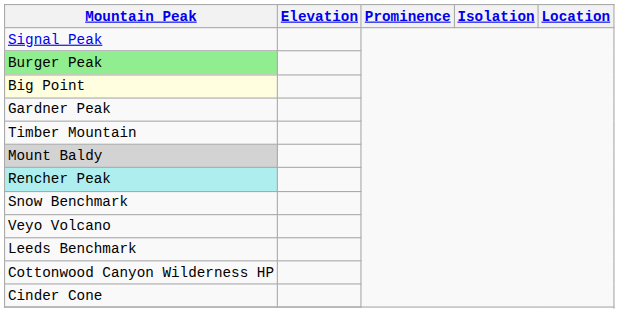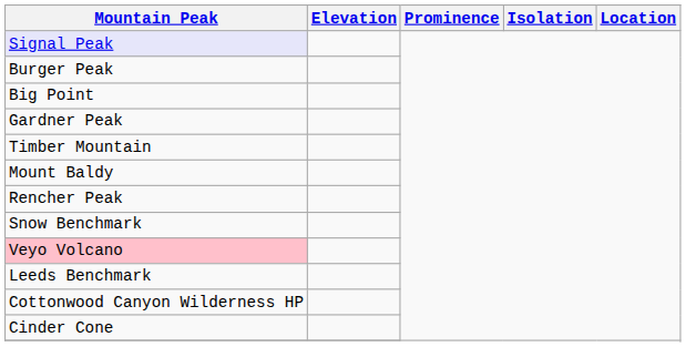 <table class="wikitable sortable">
 <tr>
 <th><a href='#'>Mountain Peak</a></th>
 <th><a href='#'>Elevation</a></th>
 <th><a href='#'>Prominence</a></th>
 <th><a href='#'>Isolation</a></th>
 <th><a href='#'>Location</a></th>
 </tr>
 <tr>
-<td><a href='#'>Signal Peak</a><br></td>
+<td style="background: lavender;"><a href='#'>Signal Peak</a><br></td>
 <td></td>
 </tr>
 <tr>
-<td style="background: lightgreen;">Burger Peak<br></td>
+<td>Burger Peak<br></td>
 <td></td>
 </tr>
 <tr>
-<td style="background: lightyellow;">Big Point<br></td>
+<td>Big Point<br></td>
 <td></td>
 </tr>
 <tr>
 <td>Gardner Peak<br></td>
 <td></td>
 </tr>
 <tr>
 <td>Timber Mountain<br></td>
 <td></td>
 </tr>
 <tr>
-<td style="background: lightgrey;">Mount Baldy<br></td>
+<td>Mount Baldy<br></td>
 <td></td>
 </tr>
 <tr>
-<td style="background: paleturquoise;">Rencher Peak<br></td>
+<td>Rencher Peak<br></td>
 <td></td>
 </tr>
 <tr>
 <td>Snow Benchmark<br></td>
 <td></td>
 </tr>
 <tr>
-<td>Veyo Volcano<br></td>
+<td style="background: pink;">Veyo Volcano<br></td>
 <td></td>
 </tr>
 <tr>
 <td>Leeds Benchmark<br></td>
 <td></td>
 </tr>
 <tr>
 <td>Cottonwood Canyon Wilderness HP<br></td>
 <td></td>
 </tr>
 <tr>
 <td>Cinder Cone<br></td>
 <td></td>
 </tr>
 <tr>
 </tr>
 </table>
